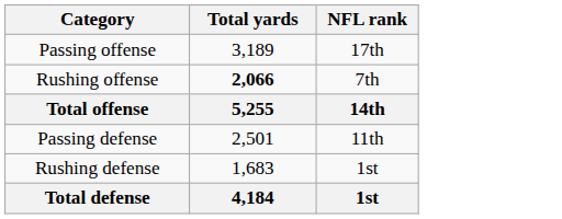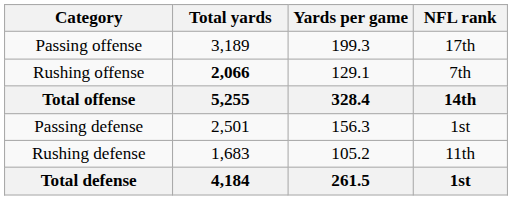 <table class="wikitable" style="text-align:center">
 <tr>
 <th width=150px>Category</th>
 <th width=100px>Total yards</th>
+<th width=110px>Yards per game</th>
 <th width=80px>NFL rank<br></th>
 </tr>
 <tr>
 <td>Passing offense</td>
 <td>3,189</td>
+<td>199.3</td>
 <td>17th</td>
 </tr>
 <tr>
 <td>Rushing offense</td>
 <td><strong>2,066</strong></td>
+<td>129.1</td>
 <td>7th</td>
 </tr>
 <tr>
 <th>Total offense</th>
 <th>5,255</th>
+<th>328.4</th>
 <th>14th</th>
 </tr>
 <tr>
 <td>Passing defense</td>
 <td>2,501</td>
-<td>11th</td>
+<td>156.3</td>
+<td>1st</td>
 </tr>
 <tr>
 <td>Rushing defense</td>
 <td>1,683</td>
-<td>1st</td>
+<td>105.2</td>
+<td>11th</td>
 </tr>
 <tr>
 <th>Total defense</th>
 <th>4,184</th>
+<th>261.5</th>
 <th>1st</th>
 </tr>
 </table>
